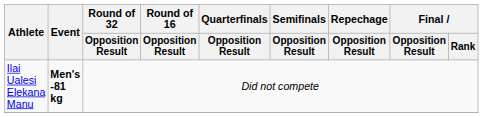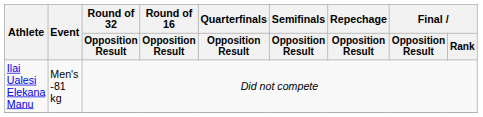 <table class=wikitable style=font-size:90%;text-align:center>
 <tr>
 <th rowspan=2>Athlete</th>
 <th rowspan=2>Event</th>
 <th>Round of 32</th>
 <th>Round of 16</th>
 <th>Quarterfinals</th>
 <th>Semifinals</th>
 <th>Repechage</th>
 <th colspan=2>Final / </th>
 </tr>
 <tr style=font-size:95%>
 <th>Opposition<br>Result</th>
 <th>Opposition<br>Result</th>
 <th>Opposition<br>Result</th>
 <th>Opposition<br>Result</th>
 <th>Opposition<br>Result</th>
 <th>Opposition<br>Result</th>
 <th>Rank</th>
 </tr>
 <tr>
 <td align=left><a href='#'>Ilai Ualesi Elekana Manu</a></td>
-<td align=left><strong>Men's -81 kg</strong></td>
+<td align=left>Men's -81 kg</td>
 <td colspan=7><em>Did not compete</em></td>
 </tr>
 <tr>
 </tr>
 </table>
